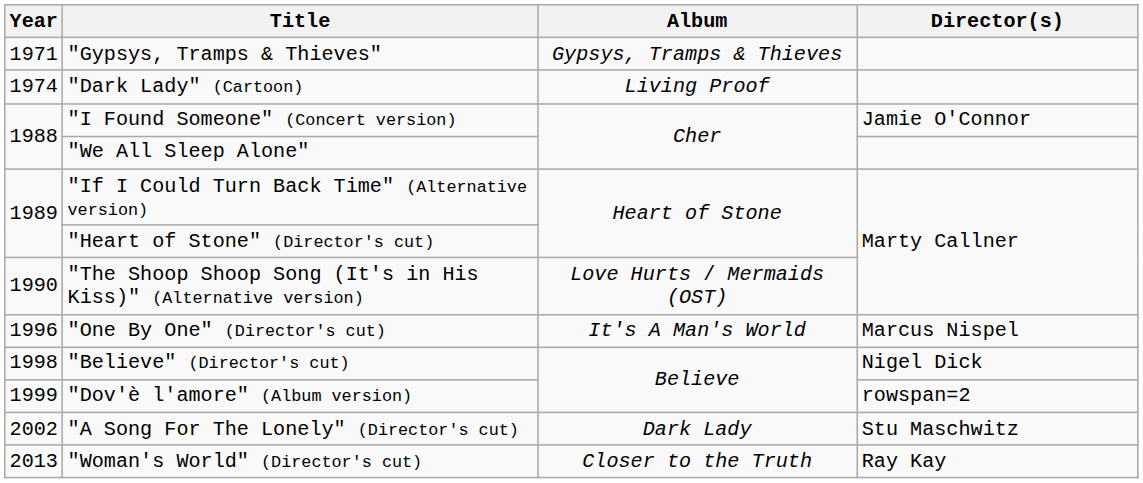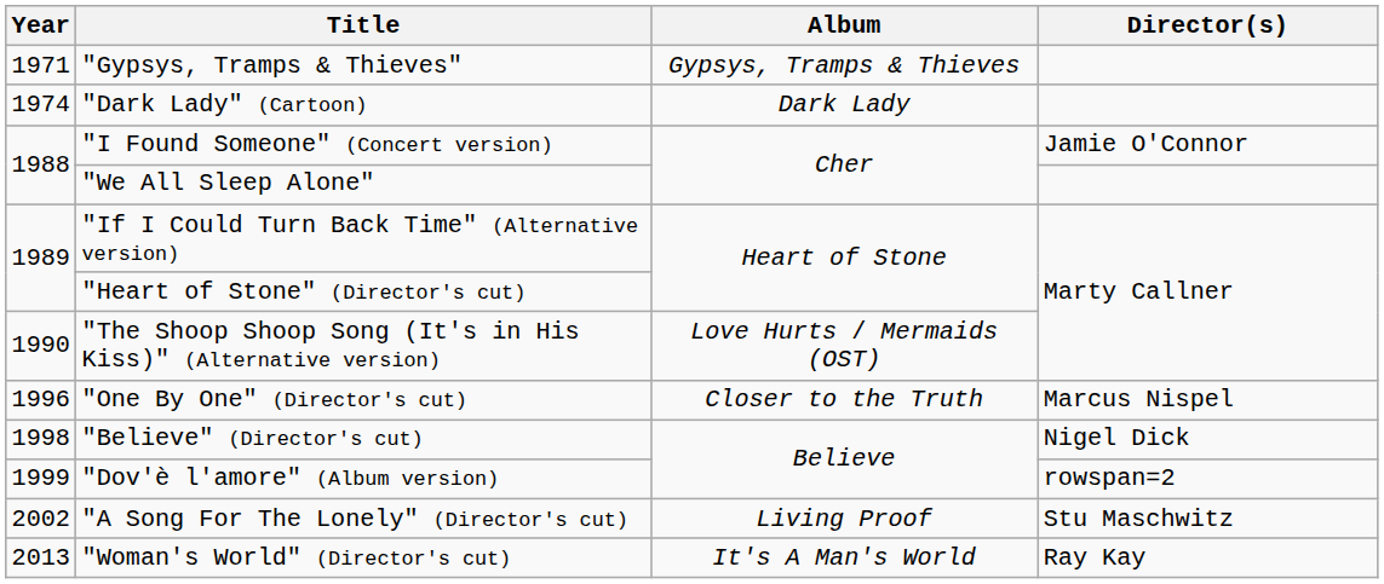 <table class="wikitable">
 <tr>
 <th width=10>Year</th>
 <th width=300>Title</th>
 <th width=200>Album</th>
 <th width=175>Director(s)</th>
 </tr>
 <tr>
 <td>1971</td>
 <td>"Gypsys, Tramps & Thieves"</td>
 <td align=center><em>Gypsys, Tramps & Thieves</em></td>
 <td></td>
 </tr>
 <tr>
 <td>1974</td>
 <td>"Dark Lady" <small>(Cartoon)</small></td>
-<td align=center><em>Living Proof</em></td>
+<td align=center><em>Dark Lady</em></td>
 <td></td>
 </tr>
 <tr>
 <td rowspan=2>1988</td>
 <td>"I Found Someone" <small>(Concert version)</small></td>
 <td rowspan=2 align=center><em>Cher</em></td>
 <td>Jamie O'Connor</td>
 </tr>
 <tr>
 <td>"We All Sleep Alone"</td>
 </tr>
 <tr>
 <td rowspan=2>1989</td>
 <td>"If I Could Turn Back Time" <small>(Alternative version)</small></td>
 <td rowspan=2 align=center><em>Heart of Stone</em></td>
 <td rowspan=3>Marty Callner</td>
 </tr>
 <tr>
 <td>"Heart of Stone" <small>(Director's cut)</small></td>
 </tr>
 <tr>
 <td>1990</td>
 <td>"The Shoop Shoop Song (It's in His Kiss)" <small>(Alternative version)</small></td>
 <td align=center><em>Love Hurts</em> / <em>Mermaids (OST)</em></td>
 </tr>
 <tr>
 <td>1996</td>
 <td>"One By One" <small>(Director's cut)</small></td>
-<td align=center><em>It's A Man's World</em></td>
+<td align=center><em>Closer to the Truth</em></td>
 <td>Marcus Nispel</td>
 </tr>
 <tr>
 <td>1998</td>
 <td>"Believe" <small>(Director's cut)</small></td>
 <td rowspan=2 align=center><em>Believe</em></td>
 <td>Nigel Dick</td>
 </tr>
 <tr>
 <td>1999</td>
 <td>"Dov'è l'amore" <small>(Album version)</small></td>
 <td>rowspan=2 </td>
 </tr>
 <tr>
 <td>2002</td>
 <td>"A Song For The Lonely" <small>(Director's cut)</small></td>
-<td align=center><em>Dark Lady</em></td>
+<td align=center><em>Living Proof</em></td>
 <td>Stu Maschwitz</td>
 </tr>
 <tr>
 <td>2013</td>
 <td>"Woman's World" <small>(Director's cut)</small></td>
-<td align=center><em>Closer to the Truth</em></td>
+<td align=center><em>It's A Man's World</em></td>
 <td>Ray Kay</td>
 </tr>
 </table>
